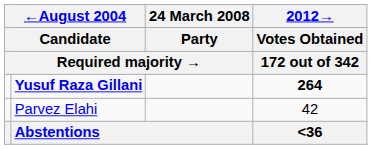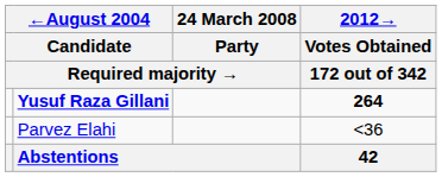 <table class="wikitable">
 <tr>
 <th colspan=2><a href='#'>←August 2004</a></th>
 <th>24 March 2008</th>
 <th><a href='#'>2012→</a></th>
 </tr>
 <tr>
 <th colspan=2>Candidate</th>
 <th>Party</th>
 <th>Votes Obtained</th>
 </tr>
 <tr>
 <th colspan=3>Required majority →</th>
 <th>172 out of 342</th>
 </tr>
 <tr>
 <td></td>
 <td><strong><a href='#'>Yusuf Raza Gillani</a></strong></td>
 <td></td>
 <td style="text-align:center;"><strong>264</strong> </td>
 </tr>
 <tr>
 <td></td>
 <td><a href='#'>Parvez Elahi</a></td>
 <td></td>
-<td style="text-align:center;">42 </td>
+<td style="text-align:center;"><36</td>
 </tr>
 <tr class=sortbottom style="background:#f2f2f2; font-weight:bold">
 <td></td>
 <td colspan=2><a href='#'>Abstentions</a></td>
-<td style="text-align:center;"><36</td>
+<td style="text-align:center;">42 </td>
 </tr>
 </table>
